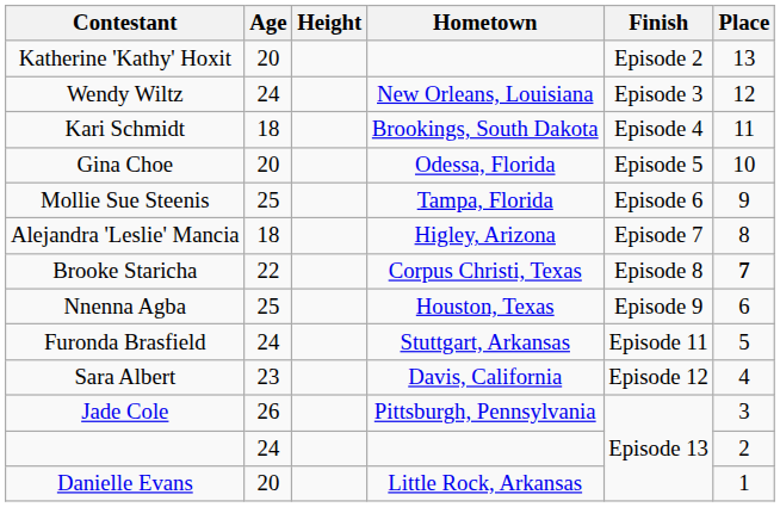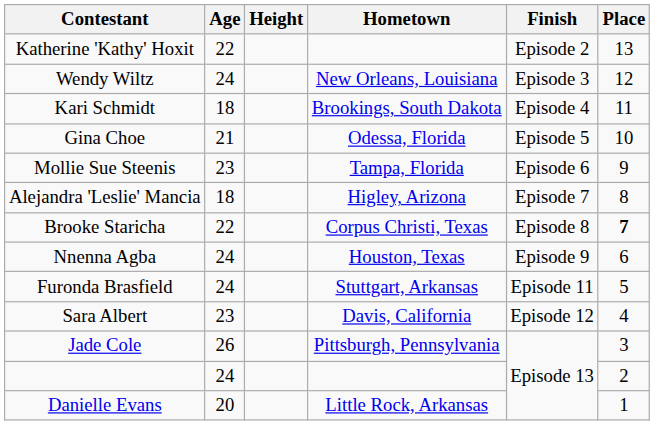 <table class="wikitable sortable" style="text-align:center;">
 <tr>
 <th>Contestant</th>
 <th>Age</th>
 <th>Height</th>
 <th>Hometown</th>
 <th>Finish</th>
 <th>Place</th>
 </tr>
 <tr>
 <td>Katherine 'Kathy' Hoxit</td>
-<td>20</td>
+<td>22</td>
 <td></td>
 <td></td>
 <td>Episode 2</td>
 <td>13</td>
 </tr>
 <tr>
 <td>Wendy Wiltz</td>
 <td>24</td>
 <td></td>
 <td><a href='#'>New Orleans, Louisiana</a></td>
 <td>Episode 3</td>
 <td>12</td>
 </tr>
 <tr>
 <td>Kari Schmidt</td>
 <td>18</td>
 <td></td>
 <td><a href='#'>Brookings, South Dakota</a></td>
 <td>Episode 4</td>
 <td>11</td>
 </tr>
 <tr>
 <td>Gina Choe</td>
-<td>20</td>
+<td>21</td>
 <td></td>
 <td><a href='#'>Odessa, Florida</a></td>
 <td>Episode 5</td>
 <td>10</td>
 </tr>
 <tr>
 <td>Mollie Sue Steenis</td>
-<td>25</td>
+<td>23</td>
 <td></td>
 <td><a href='#'>Tampa, Florida</a></td>
 <td>Episode 6</td>
 <td>9</td>
 </tr>
 <tr>
 <td>Alejandra 'Leslie' Mancia</td>
 <td>18</td>
 <td></td>
 <td><a href='#'>Higley, Arizona</a></td>
 <td>Episode 7</td>
 <td>8</td>
 </tr>
 <tr>
 <td>Brooke Staricha</td>
 <td>22</td>
 <td></td>
 <td><a href='#'>Corpus Christi, Texas</a></td>
 <td>Episode 8</td>
 <td><strong>7</strong></td>
 </tr>
 <tr>
 <td>Nnenna Agba</td>
-<td>25</td>
+<td>24</td>
 <td></td>
 <td><a href='#'>Houston, Texas</a></td>
 <td>Episode 9</td>
 <td>6</td>
 </tr>
 <tr>
 <td>Furonda Brasfield</td>
 <td>24</td>
 <td></td>
 <td><a href='#'>Stuttgart, Arkansas</a></td>
 <td>Episode 11</td>
 <td>5</td>
 </tr>
 <tr>
 <td>Sara Albert</td>
 <td>23</td>
 <td></td>
 <td><a href='#'>Davis, California</a></td>
 <td>Episode 12</td>
 <td>4</td>
 </tr>
 <tr>
 <td><a href='#'>Jade Cole</a></td>
 <td>26</td>
 <td></td>
 <td><a href='#'>Pittsburgh, Pennsylvania</a></td>
 <td rowspan="3">Episode 13</td>
 <td>3</td>
 </tr>
 <tr>
 <td></td>
 <td>24</td>
 <td></td>
 <td></td>
 <td>2</td>
 </tr>
 <tr>
 <td><a href='#'>Danielle Evans</a></td>
 <td>20</td>
 <td></td>
 <td><a href='#'>Little Rock, Arkansas</a></td>
 <td>1</td>
 </tr>
 </table>
